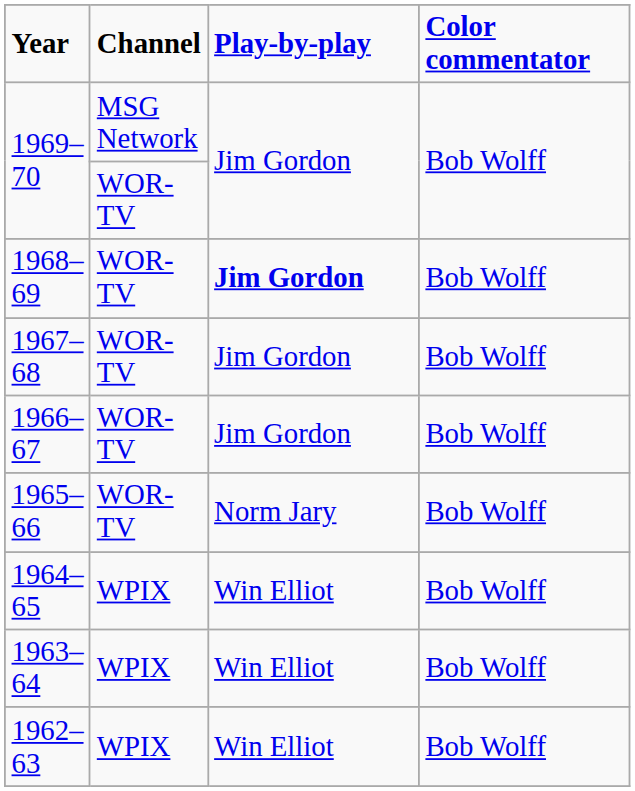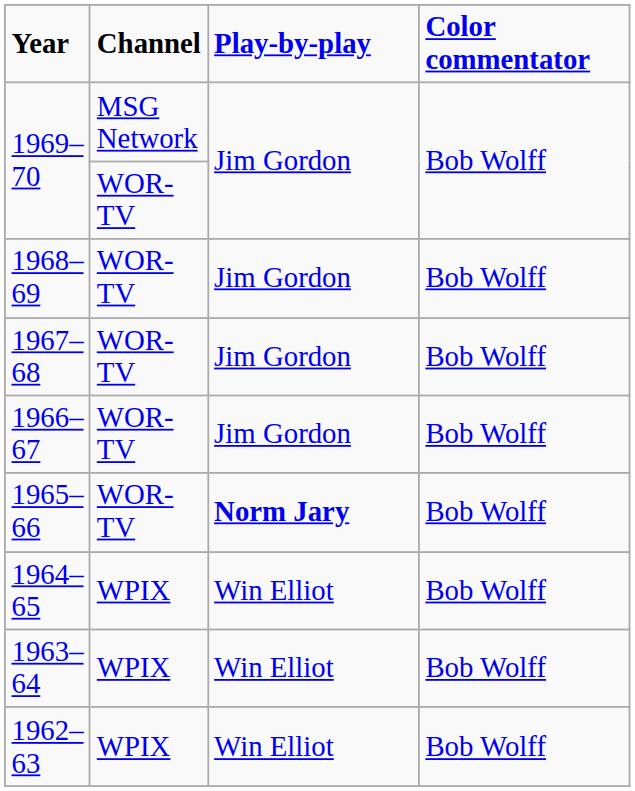 <table class="wikitable">
 <tr>
 <td width="40"><strong>Year</strong></td>
 <td width="40"><strong>Channel</strong></td>
 <td width="110"><strong><a href='#'>Play-by-play</a></strong></td>
 <td width="110"><strong><a href='#'>Color commentator</a></strong></td>
 </tr>
 <tr>
 <td rowspan="2"><a href='#'>1969–70</a></td>
 <td><a href='#'>MSG Network</a></td>
 <td rowspan="2"><a href='#'>Jim Gordon</a></td>
 <td rowspan="2"><a href='#'>Bob Wolff</a></td>
 </tr>
 <tr>
 <td><a href='#'>WOR-TV</a></td>
 </tr>
 <tr>
 <td><a href='#'>1968–69</a></td>
 <td><a href='#'>WOR-TV</a></td>
-<td><strong><a href='#'>Jim Gordon</a></strong></td>
+<td><a href='#'>Jim Gordon</a></td>
 <td><a href='#'>Bob Wolff</a></td>
 </tr>
 <tr>
 <td><a href='#'>1967–68</a></td>
 <td><a href='#'>WOR-TV</a></td>
 <td><a href='#'>Jim Gordon</a></td>
 <td><a href='#'>Bob Wolff</a></td>
 </tr>
 <tr>
 <td><a href='#'>1966–67</a></td>
 <td><a href='#'>WOR-TV</a></td>
 <td><a href='#'>Jim Gordon</a></td>
 <td><a href='#'>Bob Wolff</a></td>
 </tr>
 <tr>
 <td><a href='#'>1965–66</a></td>
 <td><a href='#'>WOR-TV</a></td>
-<td><a href='#'>Norm Jary</a></td>
+<td><strong><a href='#'>Norm Jary</a></strong></td>
 <td><a href='#'>Bob Wolff</a></td>
 </tr>
 <tr>
 <td><a href='#'>1964–65</a></td>
 <td><a href='#'>WPIX</a></td>
 <td><a href='#'>Win Elliot</a></td>
 <td><a href='#'>Bob Wolff</a></td>
 </tr>
 <tr>
 <td><a href='#'>1963–64</a></td>
 <td><a href='#'>WPIX</a></td>
 <td><a href='#'>Win Elliot</a></td>
 <td><a href='#'>Bob Wolff</a></td>
 </tr>
 <tr>
 <td><a href='#'>1962–63</a></td>
 <td><a href='#'>WPIX</a></td>
 <td><a href='#'>Win Elliot</a></td>
 <td><a href='#'>Bob Wolff</a></td>
 </tr>
 </table>
